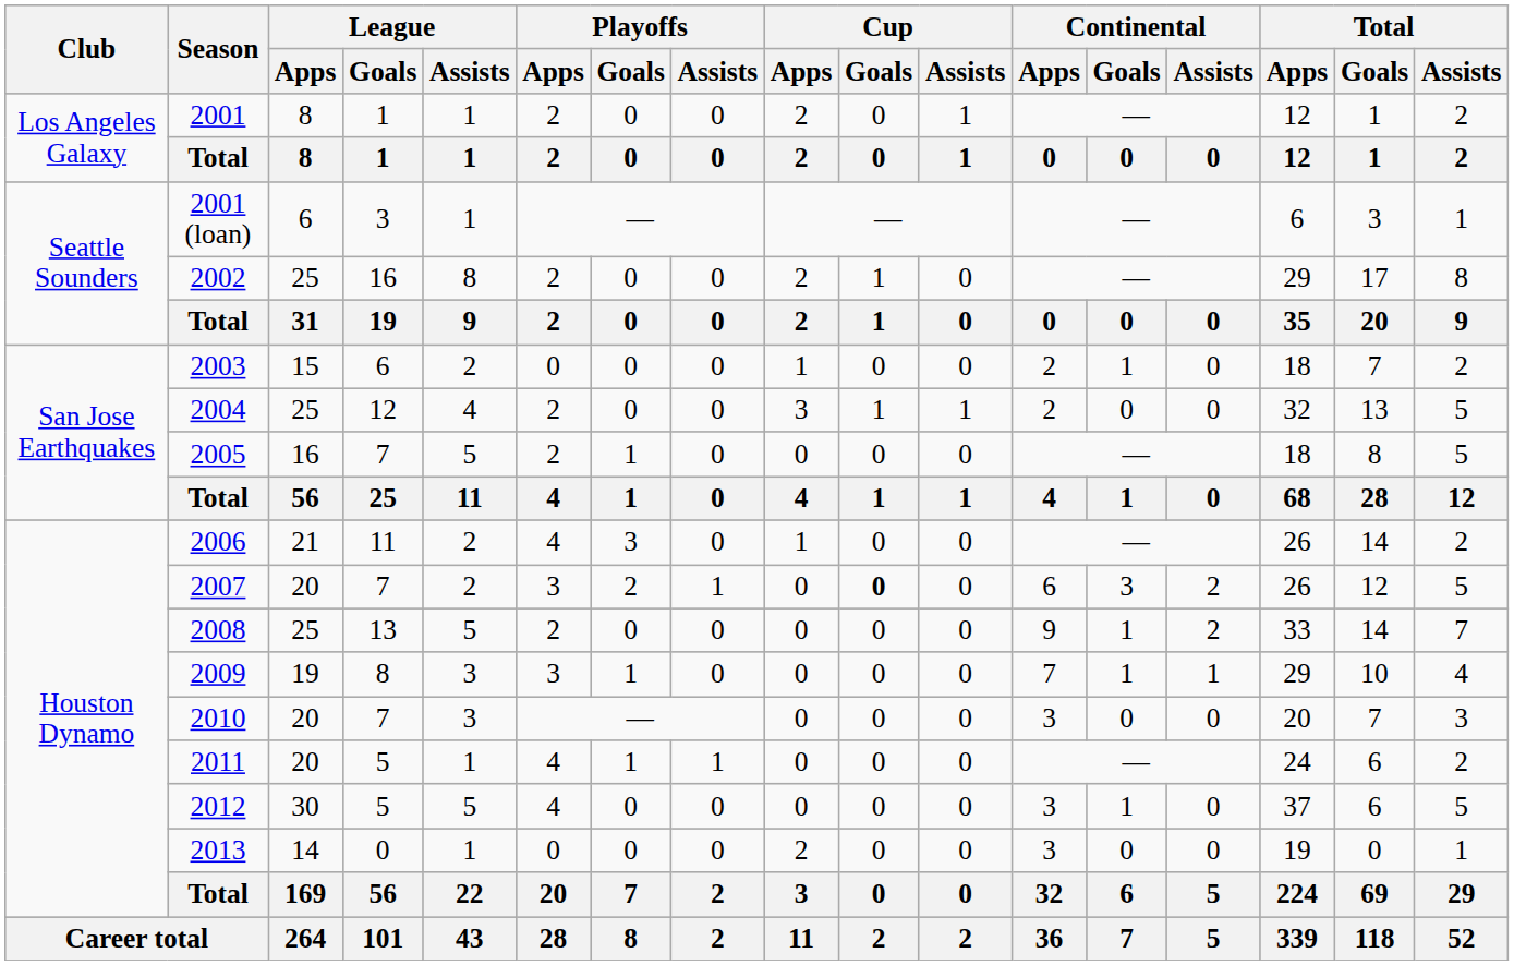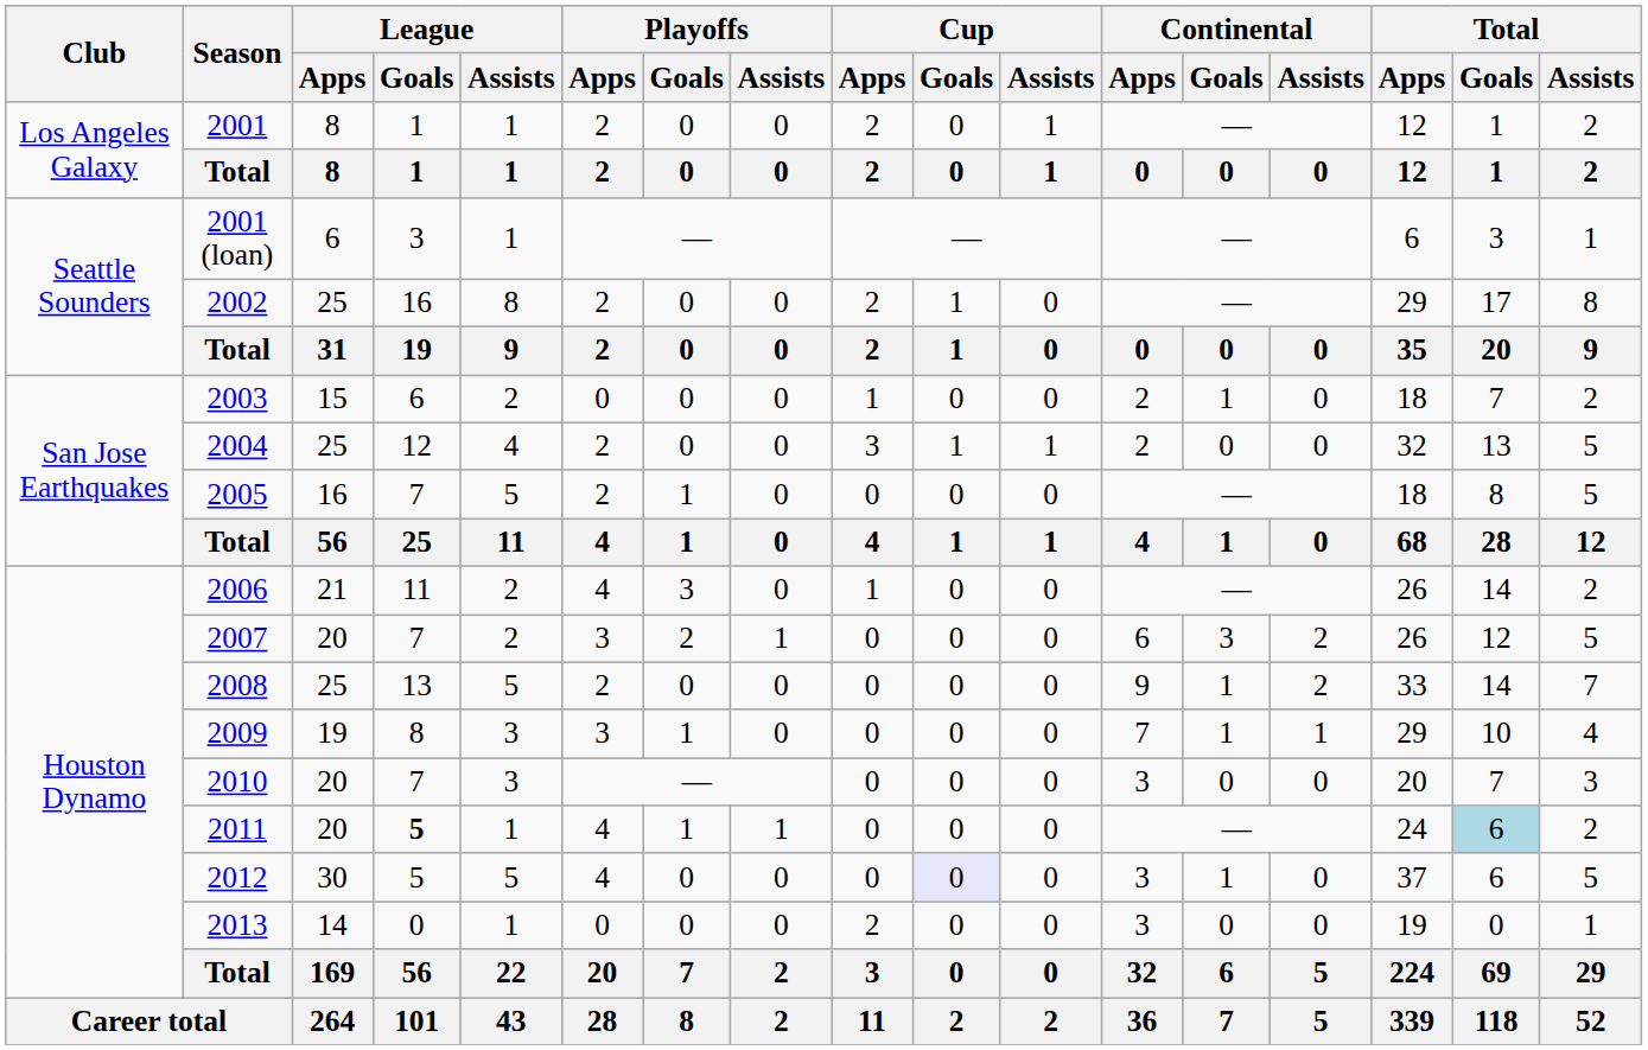 <table class="wikitable" style="text-align:center">
 <tr>
 <th rowspan=2>Club</th>
 <th rowspan=2>Season</th>
 <th colspan=3>League</th>
 <th colspan=3>Playoffs</th>
 <th colspan=3>Cup</th>
 <th colspan=3>Continental</th>
 <th colspan=3>Total</th>
 </tr>
 <tr>
 <th>Apps</th>
 <th>Goals</th>
 <th>Assists</th>
 <th>Apps</th>
 <th>Goals</th>
 <th>Assists</th>
 <th>Apps</th>
 <th>Goals</th>
 <th>Assists</th>
 <th>Apps</th>
 <th>Goals</th>
 <th>Assists</th>
 <th>Apps</th>
 <th>Goals</th>
 <th>Assists</th>
 </tr>
 <tr>
 <td rowspan="2"><a href='#'>Los Angeles Galaxy</a></td>
 <td><a href='#'>2001</a></td>
 <td>8</td>
 <td>1</td>
 <td>1</td>
 <td>2</td>
 <td>0</td>
 <td>0</td>
 <td>2</td>
 <td>0</td>
 <td>1</td>
 <td Colspan="3">—</td>
 <td>12</td>
 <td>1</td>
 <td>2</td>
 </tr>
 <tr>
 <th>Total</th>
 <th>8</th>
 <th>1</th>
 <th>1</th>
 <th>2</th>
 <th>0</th>
 <th>0</th>
 <th>2</th>
 <th>0</th>
 <th>1</th>
 <th>0</th>
 <th>0</th>
 <th>0</th>
 <th>12</th>
 <th>1</th>
 <th>2</th>
 </tr>
 <tr>
 <td rowspan="3"><a href='#'>Seattle Sounders</a></td>
 <td><a href='#'>2001</a> (loan)</td>
 <td>6</td>
 <td>3</td>
 <td>1</td>
 <td Colspan="3">—</td>
 <td Colspan="3">—</td>
 <td Colspan="3">—</td>
 <td>6</td>
 <td>3</td>
 <td>1</td>
 </tr>
 <tr>
 <td><a href='#'>2002</a></td>
 <td>25</td>
 <td>16</td>
 <td>8</td>
 <td>2</td>
 <td>0</td>
 <td>0</td>
 <td>2</td>
 <td>1</td>
 <td>0</td>
 <td Colspan="3">—</td>
 <td>29</td>
 <td>17</td>
 <td>8</td>
 </tr>
 <tr>
 <th>Total</th>
 <th>31</th>
 <th>19</th>
 <th>9</th>
 <th>2</th>
 <th>0</th>
 <th>0</th>
 <th>2</th>
 <th>1</th>
 <th>0</th>
 <th>0</th>
 <th>0</th>
 <th>0</th>
 <th>35</th>
 <th>20</th>
 <th>9</th>
 </tr>
 <tr>
 <td rowspan="4"><a href='#'>San Jose Earthquakes</a></td>
 <td><a href='#'>2003</a></td>
 <td>15</td>
 <td>6</td>
 <td>2</td>
 <td>0</td>
 <td>0</td>
 <td>0</td>
 <td>1</td>
 <td>0</td>
 <td>0</td>
 <td>2</td>
 <td>1</td>
 <td>0</td>
 <td>18</td>
 <td>7</td>
 <td>2</td>
 </tr>
 <tr>
 <td><a href='#'>2004</a></td>
 <td>25</td>
 <td>12</td>
 <td>4</td>
 <td>2</td>
 <td>0</td>
 <td>0</td>
 <td>3</td>
 <td>1</td>
 <td>1</td>
 <td>2</td>
 <td>0</td>
 <td>0</td>
 <td>32</td>
 <td>13</td>
 <td>5</td>
 </tr>
 <tr>
 <td><a href='#'>2005</a></td>
 <td>16</td>
 <td>7</td>
 <td>5</td>
 <td>2</td>
 <td>1</td>
 <td>0</td>
 <td>0</td>
 <td>0</td>
 <td>0</td>
 <td Colspan="3">—</td>
 <td>18</td>
 <td>8</td>
 <td>5</td>
 </tr>
 <tr>
 <th>Total</th>
 <th>56</th>
 <th>25</th>
 <th>11</th>
 <th>4</th>
 <th>1</th>
 <th>0</th>
 <th>4</th>
 <th>1</th>
 <th>1</th>
 <th>4</th>
 <th>1</th>
 <th>0</th>
 <th>68</th>
 <th>28</th>
 <th>12</th>
 </tr>
 <tr>
 <td rowspan="9"><a href='#'>Houston Dynamo</a></td>
 <td><a href='#'>2006</a></td>
 <td>21</td>
 <td>11</td>
 <td>2</td>
 <td>4</td>
 <td>3</td>
 <td>0</td>
 <td>1</td>
 <td>0</td>
 <td>0</td>
 <td Colspan="3">—</td>
 <td>26</td>
 <td>14</td>
 <td>2</td>
 </tr>
 <tr>
 <td><a href='#'>2007</a></td>
 <td>20</td>
 <td>7</td>
 <td>2</td>
 <td>3</td>
 <td>2</td>
 <td>1</td>
 <td>0</td>
-<td><strong>0</strong></td>
+<td>0</td>
 <td>0</td>
 <td>6</td>
 <td>3</td>
 <td>2</td>
 <td>26</td>
 <td>12</td>
 <td>5</td>
 </tr>
 <tr>
 <td><a href='#'>2008</a></td>
 <td>25</td>
 <td>13</td>
 <td>5</td>
 <td>2</td>
 <td>0</td>
 <td>0</td>
 <td>0</td>
 <td>0</td>
 <td>0</td>
 <td>9</td>
 <td>1</td>
 <td>2</td>
 <td>33</td>
 <td>14</td>
 <td>7</td>
 </tr>
 <tr>
 <td><a href='#'>2009</a></td>
 <td>19</td>
 <td>8</td>
 <td>3</td>
 <td>3</td>
 <td>1</td>
 <td>0</td>
 <td>0</td>
 <td>0</td>
 <td>0</td>
 <td>7</td>
 <td>1</td>
 <td>1</td>
 <td>29</td>
 <td>10</td>
 <td>4</td>
 </tr>
 <tr>
 <td><a href='#'>2010</a></td>
 <td>20</td>
 <td>7</td>
 <td>3</td>
 <td Colspan="3">—</td>
 <td>0</td>
 <td>0</td>
 <td>0</td>
 <td>3</td>
 <td>0</td>
 <td>0</td>
 <td>20</td>
 <td>7</td>
 <td>3</td>
 </tr>
 <tr>
 <td><a href='#'>2011</a></td>
 <td>20</td>
-<td>5</td>
+<td><strong>5</strong></td>
 <td>1</td>
 <td>4</td>
 <td>1</td>
 <td>1</td>
 <td>0</td>
 <td>0</td>
 <td>0</td>
 <td Colspan="3">—</td>
 <td>24</td>
-<td>6</td>
+<td style="background: lightblue;">6</td>
 <td>2</td>
 </tr>
 <tr>
 <td><a href='#'>2012</a></td>
 <td>30</td>
 <td>5</td>
 <td>5</td>
 <td>4</td>
 <td>0</td>
 <td>0</td>
 <td>0</td>
-<td>0</td>
+<td style="background: lavender;">0</td>
 <td>0</td>
 <td>3</td>
 <td>1</td>
 <td>0</td>
 <td>37</td>
 <td>6</td>
 <td>5</td>
 </tr>
 <tr>
 <td><a href='#'>2013</a></td>
 <td>14</td>
 <td>0</td>
 <td>1</td>
 <td>0</td>
 <td>0</td>
 <td>0</td>
 <td>2</td>
 <td>0</td>
 <td>0</td>
 <td>3</td>
 <td>0</td>
 <td>0</td>
 <td>19</td>
 <td>0</td>
 <td>1</td>
 </tr>
 <tr>
 <th>Total</th>
 <th>169</th>
 <th>56</th>
 <th>22</th>
 <th>20</th>
 <th>7</th>
 <th>2</th>
 <th>3</th>
 <th>0</th>
 <th>0</th>
 <th>32</th>
 <th>6</th>
 <th>5</th>
 <th>224</th>
 <th>69</th>
 <th>29</th>
 </tr>
 <tr>
 <th colspan=2>Career total</th>
 <th>264</th>
 <th>101</th>
 <th>43</th>
 <th>28</th>
 <th>8</th>
 <th>2</th>
 <th>11</th>
 <th>2</th>
 <th>2</th>
 <th>36</th>
 <th>7</th>
 <th>5</th>
 <th>339</th>
 <th>118</th>
 <th>52</th>
 </tr>
 </table>
